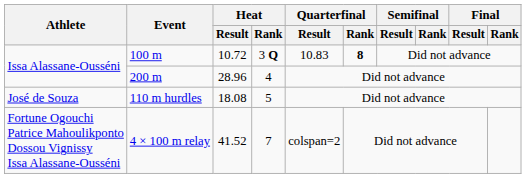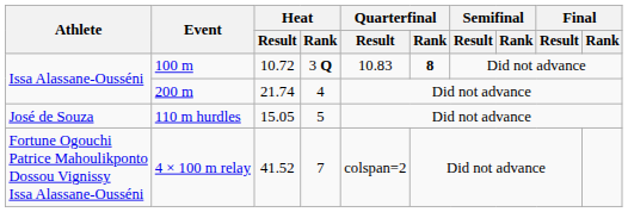 <table class="wikitable" style="font-size:90%">
 <tr>
 <th rowspan="2">Athlete</th>
 <th rowspan="2">Event</th>
 <th colspan="2">Heat</th>
 <th colspan="2">Quarterfinal</th>
 <th colspan="2">Semifinal</th>
 <th colspan="2">Final</th>
 </tr>
 <tr style="font-size:95%">
 <th>Result</th>
 <th>Rank</th>
 <th>Result</th>
 <th>Rank</th>
 <th>Result</th>
 <th>Rank</th>
 <th>Result</th>
 <th>Rank</th>
 </tr>
 <tr align=center>
 <td align=left rowspan=2><a href='#'>Issa Alassane-Ousséni</a></td>
 <td align=left><a href='#'>100 m</a></td>
 <td>10.72</td>
 <td>3 <strong>Q</strong></td>
 <td>10.83</td>
 <td><strong>8</strong></td>
 <td colspan=4>Did not advance</td>
 </tr>
 <tr align=center>
 <td align=left><a href='#'>200 m</a></td>
-<td>28.96</td>
+<td>21.74</td>
 <td>4</td>
 <td colspan=6>Did not advance</td>
 </tr>
 <tr align=center>
 <td align=left><a href='#'>José de Souza</a></td>
 <td align=left><a href='#'>110 m hurdles</a></td>
-<td>18.08</td>
+<td>15.05</td>
 <td>5</td>
 <td colspan=6>Did not advance</td>
 </tr>
 <tr align=center>
 <td align=left><a href='#'>Fortune Ogouchi</a><br><a href='#'>Patrice Mahoulikponto</a><br><a href='#'>Dossou Vignissy</a><br><a href='#'>Issa Alassane-Ousséni</a></td>
 <td align=left><a href='#'>4 × 100 m relay</a></td>
 <td>41.52</td>
 <td>7</td>
 <td>colspan=2 </td>
 <td colspan=4>Did not advance</td>
 </tr>
 </table>
